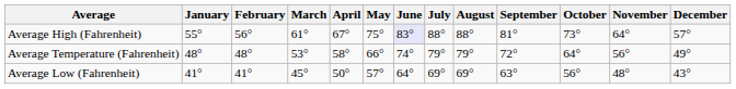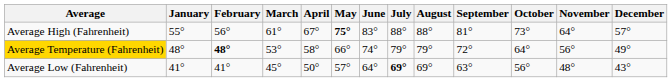 <table class="wikitable">
 <tr>
 <th>Average</th>
 <th>January</th>
 <th>February</th>
 <th>March</th>
 <th>April</th>
 <th>May</th>
 <th>June</th>
 <th>July</th>
 <th>August</th>
 <th>September</th>
 <th>October</th>
 <th>November</th>
 <th>December</th>
 </tr>
 <tr>
 <td>Average High (Fahrenheit)</td>
 <td>55°</td>
 <td>56°</td>
 <td>61°</td>
 <td>67°</td>
-<td>75°</td>
-<td style="background: lavender;">83°</td>
+<td><strong>75°</strong></td>
+<td>83°</td>
 <td>88°</td>
 <td>88°</td>
 <td>81°</td>
 <td>73°</td>
 <td>64°</td>
 <td>57°</td>
 </tr>
 <tr>
-<td>Average Temperature (Fahrenheit)</td>
+<td style="background: gold;">Average Temperature (Fahrenheit)</td>
 <td>48°</td>
-<td>48°</td>
+<td><strong>48°</strong></td>
 <td>53°</td>
 <td>58°</td>
 <td>66°</td>
 <td>74°</td>
 <td>79°</td>
 <td>79°</td>
 <td>72°</td>
 <td>64°</td>
 <td>56°</td>
 <td>49°</td>
 </tr>
 <tr>
 <td>Average Low (Fahrenheit)</td>
 <td>41°</td>
 <td>41°</td>
 <td>45°</td>
 <td>50°</td>
 <td>57°</td>
 <td>64°</td>
-<td>69°</td>
+<td><strong>69°</strong></td>
 <td>69°</td>
 <td>63°</td>
 <td>56°</td>
 <td>48°</td>
 <td>43°</td>
 </tr>
 </table>
